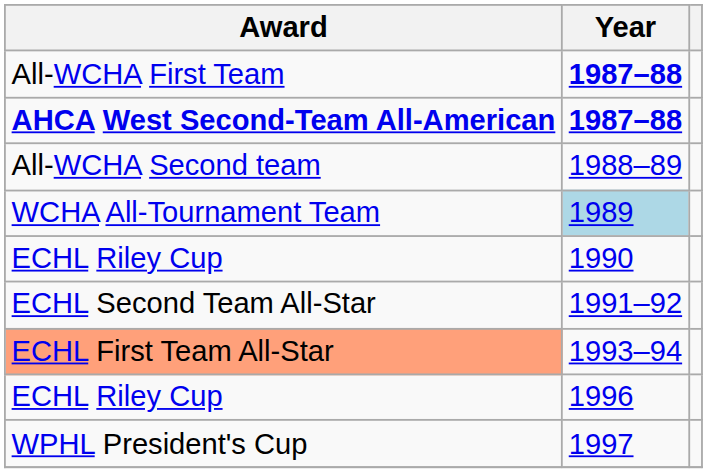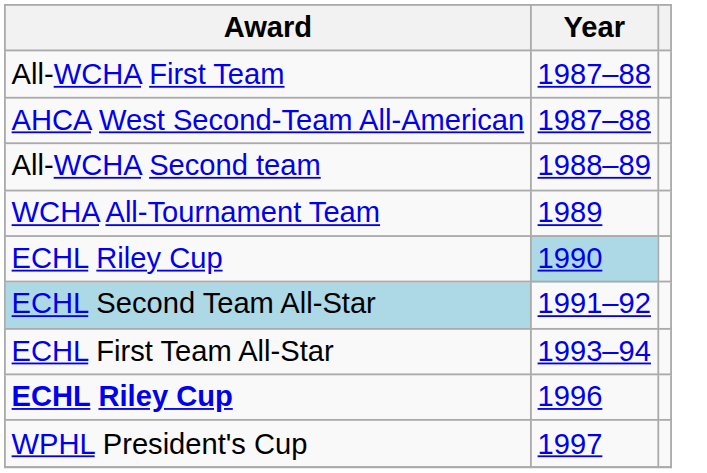 <table class="wikitable">
 <tr>
 <th>Award</th>
 <th>Year</th>
 <th></th>
 </tr>
 <tr>
 <td>All-<a href='#'>WCHA</a> <a href='#'>First Team</a></td>
-<td><strong><a href='#'>1987–88</a></strong></td>
+<td><a href='#'>1987–88</a></td>
 <td></td>
 </tr>
 <tr>
-<td><strong><a href='#'>AHCA</a> <a href='#'>West Second-Team All-American</a></strong></td>
-<td><strong><a href='#'>1987–88</a></strong></td>
+<td><a href='#'>AHCA</a> <a href='#'>West Second-Team All-American</a></td>
+<td><a href='#'>1987–88</a></td>
 <td></td>
 </tr>
 <tr>
 <td>All-<a href='#'>WCHA</a> <a href='#'>Second team</a></td>
 <td><a href='#'>1988–89</a></td>
 <td></td>
 </tr>
 <tr>
 <td><a href='#'>WCHA</a> <a href='#'>All-Tournament Team</a></td>
-<td style="background: lightblue;"><a href='#'>1989</a></td>
+<td><a href='#'>1989</a></td>
 <td></td>
 </tr>
 <tr>
 <td><a href='#'>ECHL</a> <a href='#'>Riley Cup</a></td>
-<td><a href='#'>1990</a></td>
+<td style="background: lightblue;"><a href='#'>1990</a></td>
 <td></td>
 </tr>
 <tr>
-<td><a href='#'>ECHL</a> Second Team All-Star</td>
+<td style="background: lightblue;"><a href='#'>ECHL</a> Second Team All-Star</td>
 <td><a href='#'>1991–92</a></td>
 <td></td>
 </tr>
 <tr>
-<td style="background: lightsalmon;"><a href='#'>ECHL</a> First Team All-Star</td>
+<td><a href='#'>ECHL</a> First Team All-Star</td>
 <td><a href='#'>1993–94</a></td>
 <td></td>
 </tr>
 <tr>
-<td><a href='#'>ECHL</a> <a href='#'>Riley Cup</a></td>
+<td><strong><a href='#'>ECHL</a> <a href='#'>Riley Cup</a></strong></td>
 <td><a href='#'>1996</a></td>
 <td></td>
 </tr>
 <tr>
 <td><a href='#'>WPHL</a> President's Cup</td>
 <td><a href='#'>1997</a></td>
 <td></td>
 </tr>
 <tr>
 </tr>
 </table>
